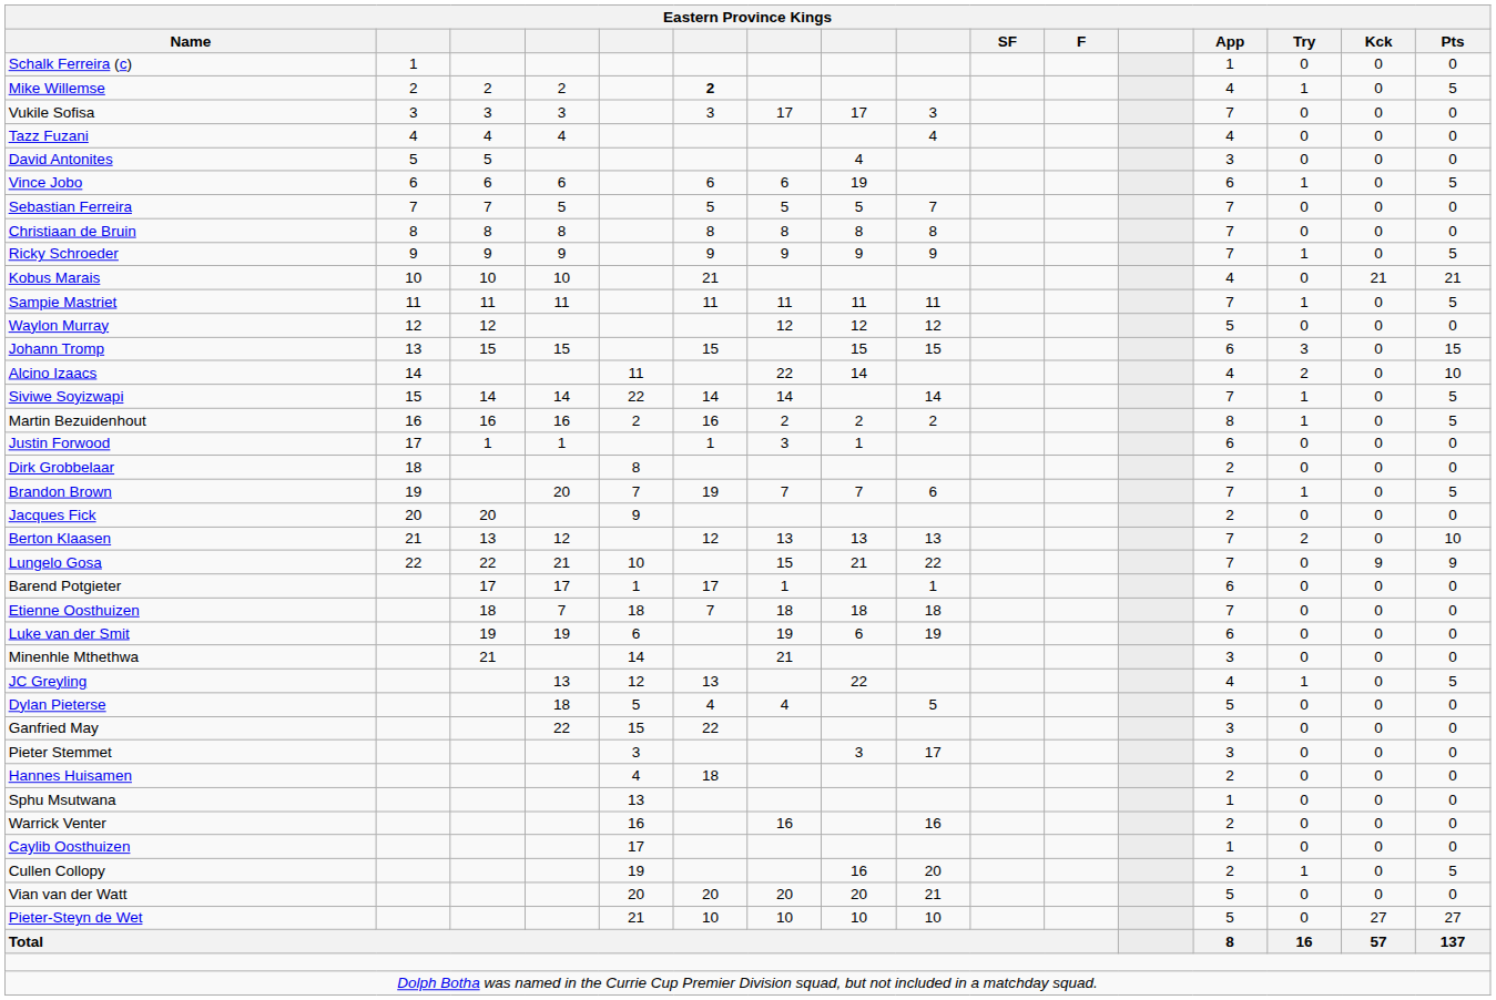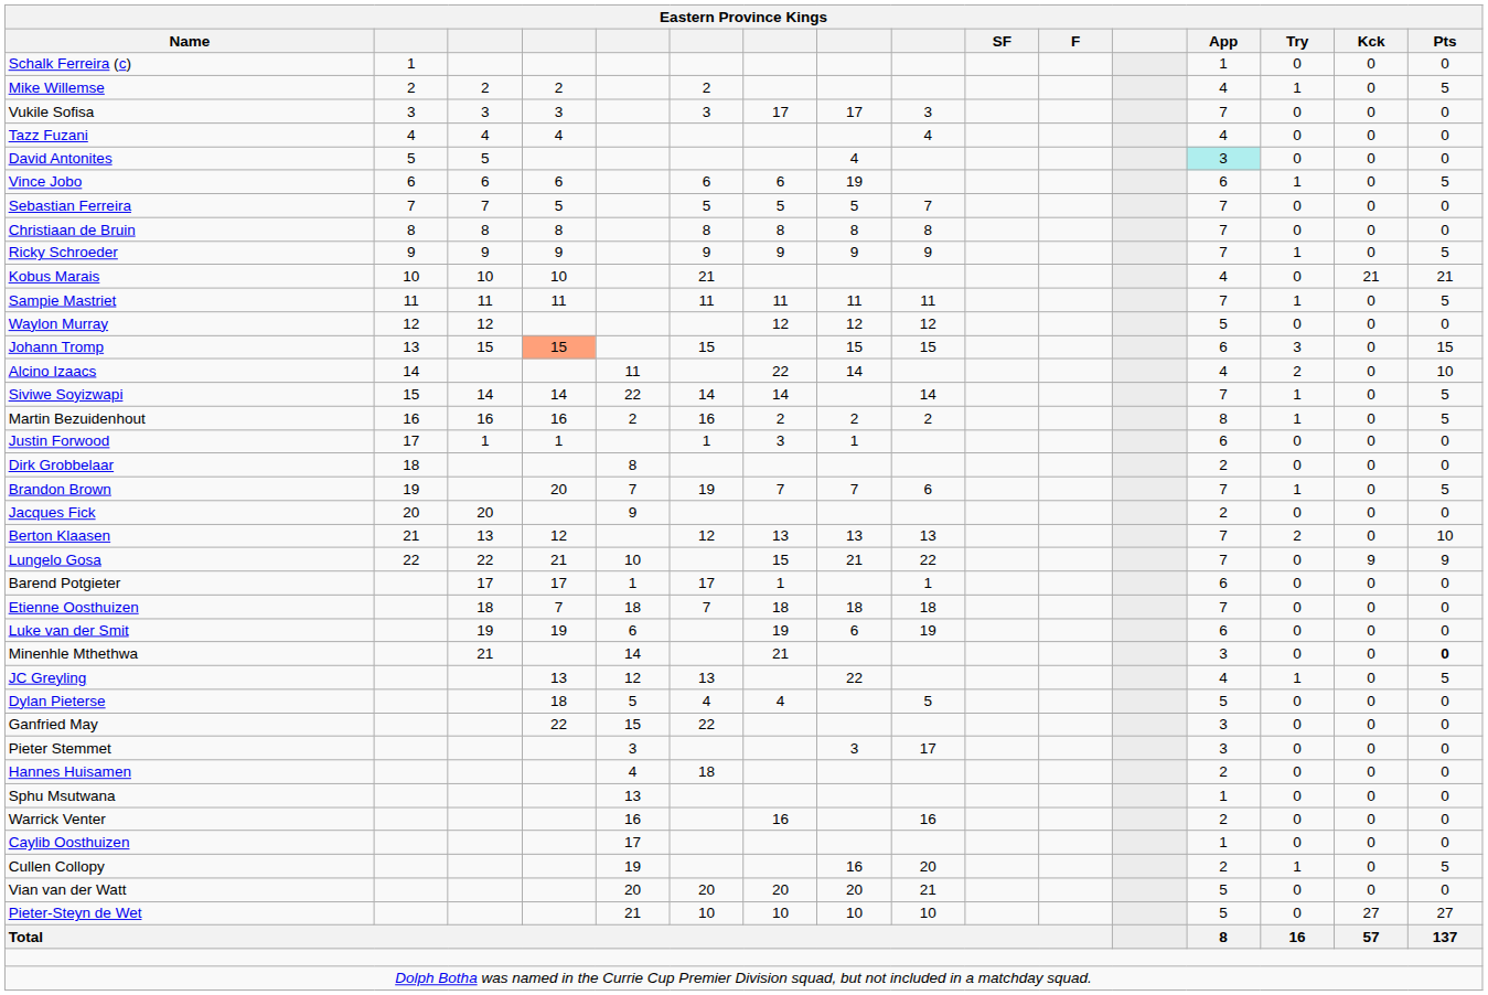 <table class="wikitable collapsible collapsed sortable" style="text-align:center; font-size:90%; width:90%">
 <tr>
 <th colspan="100%">Eastern Province Kings</th>
 </tr>
 <tr>
 <th style="width:25%;">Name</th>
 <th style="width:5%;"></th>
 <th style="width:5%;"></th>
 <th style="width:5%;"></th>
 <th style="width:5%;"></th>
 <th style="width:5%;"></th>
 <th style="width:5%;"></th>
 <th style="width:5%;"></th>
 <th style="width:5%;"></th>
 <th style="width:5%;">SF</th>
 <th style="width:5%;">F</th>
 <th style="width:5%;"></th>
 <th style="width:5%;">App</th>
 <th style="width:5%;">Try</th>
 <th style="width:5%;">Kck</th>
 <th style="width:5%;">Pts</th>
 </tr>
 <tr>
 <td style="text-align:left;"><a href='#'>Schalk Ferreira</a> (<a href='#'>c</a>)</td>
 <td>1</td>
 <td></td>
 <td></td>
 <td></td>
 <td></td>
 <td></td>
 <td></td>
 <td></td>
 <td></td>
 <td></td>
 <td style="background:#ECECEC;"></td>
 <td>1</td>
 <td>0</td>
 <td>0</td>
 <td>0</td>
 </tr>
 <tr>
 <td style="text-align:left;"><a href='#'>Mike Willemse</a></td>
 <td>2</td>
 <td>2</td>
 <td>2</td>
 <td></td>
-<td><strong>2</strong></td>
+<td>2</td>
 <td></td>
 <td></td>
 <td></td>
 <td></td>
 <td></td>
 <td style="background:#ECECEC;"></td>
 <td>4</td>
 <td>1</td>
 <td>0</td>
 <td>5</td>
 </tr>
 <tr>
 <td style="text-align:left;">Vukile Sofisa</td>
 <td>3</td>
 <td>3</td>
 <td>3</td>
 <td></td>
 <td>3</td>
 <td>17 </td>
 <td>17 </td>
 <td>3</td>
 <td></td>
 <td></td>
 <td style="background:#ECECEC;"></td>
 <td>7</td>
 <td>0</td>
 <td>0</td>
 <td>0</td>
 </tr>
 <tr>
 <td style="text-align:left;"><a href='#'>Tazz Fuzani</a></td>
 <td>4</td>
 <td>4</td>
 <td>4</td>
 <td></td>
 <td></td>
 <td></td>
 <td></td>
 <td>4</td>
 <td></td>
 <td></td>
 <td style="background:#ECECEC;"></td>
 <td>4</td>
 <td>0</td>
 <td>0</td>
 <td>0</td>
 </tr>
 <tr>
 <td style="text-align:left;"><a href='#'>David Antonites</a></td>
 <td>5</td>
 <td>5</td>
 <td></td>
 <td></td>
 <td></td>
 <td></td>
 <td>4</td>
 <td></td>
 <td></td>
 <td></td>
 <td style="background:#ECECEC;"></td>
-<td>3</td>
+<td style="background: paleturquoise;">3</td>
 <td>0</td>
 <td>0</td>
 <td>0</td>
 </tr>
 <tr>
 <td style="text-align:left;"><a href='#'>Vince Jobo</a></td>
 <td>6</td>
 <td>6</td>
 <td>6</td>
 <td></td>
 <td>6</td>
 <td>6</td>
 <td>19 </td>
 <td></td>
 <td></td>
 <td></td>
 <td style="background:#ECECEC;"></td>
 <td>6</td>
 <td>1</td>
 <td>0</td>
 <td>5</td>
 </tr>
 <tr>
 <td style="text-align:left;"><a href='#'>Sebastian Ferreira</a></td>
 <td>7</td>
 <td>7</td>
 <td>5</td>
 <td></td>
 <td>5</td>
 <td>5</td>
 <td>5</td>
 <td>7</td>
 <td></td>
 <td></td>
 <td style="background:#ECECEC;"></td>
 <td>7</td>
 <td>0</td>
 <td>0</td>
 <td>0</td>
 </tr>
 <tr>
 <td style="text-align:left;"><a href='#'>Christiaan de Bruin</a></td>
 <td>8</td>
 <td>8</td>
 <td>8</td>
 <td></td>
 <td>8</td>
 <td>8</td>
 <td>8</td>
 <td>8</td>
 <td></td>
 <td></td>
 <td style="background:#ECECEC;"></td>
 <td>7</td>
 <td>0</td>
 <td>0</td>
 <td>0</td>
 </tr>
 <tr>
 <td style="text-align:left;"><a href='#'>Ricky Schroeder</a></td>
 <td>9</td>
 <td>9</td>
 <td>9</td>
 <td></td>
 <td>9</td>
 <td>9</td>
 <td>9</td>
 <td>9</td>
 <td></td>
 <td></td>
 <td style="background:#ECECEC;"></td>
 <td>7</td>
 <td>1</td>
 <td>0</td>
 <td>5</td>
 </tr>
 <tr>
 <td style="text-align:left;"><a href='#'>Kobus Marais</a></td>
 <td>10</td>
 <td>10</td>
 <td>10</td>
 <td></td>
 <td>21 </td>
 <td></td>
 <td></td>
 <td></td>
 <td></td>
 <td></td>
 <td style="background:#ECECEC;"></td>
 <td>4</td>
 <td>0</td>
 <td>21</td>
 <td>21</td>
 </tr>
 <tr>
 <td style="text-align:left;"><a href='#'>Sampie Mastriet</a></td>
 <td>11</td>
 <td>11</td>
 <td>11</td>
 <td></td>
 <td>11</td>
 <td>11</td>
 <td>11</td>
 <td>11</td>
 <td></td>
 <td></td>
 <td style="background:#ECECEC;"></td>
 <td>7</td>
 <td>1</td>
 <td>0</td>
 <td>5</td>
 </tr>
 <tr>
 <td style="text-align:left;"><a href='#'>Waylon Murray</a></td>
 <td>12</td>
 <td>12</td>
 <td></td>
 <td></td>
 <td></td>
 <td>12</td>
 <td>12</td>
 <td>12</td>
 <td></td>
 <td></td>
 <td style="background:#ECECEC;"></td>
 <td>5</td>
 <td>0</td>
 <td>0</td>
 <td>0</td>
 </tr>
 <tr>
 <td style="text-align:left;"><a href='#'>Johann Tromp</a></td>
 <td>13</td>
 <td>15</td>
-<td>15</td>
+<td style="background: lightsalmon;">15</td>
 <td></td>
 <td>15</td>
 <td></td>
 <td>15</td>
 <td>15</td>
 <td></td>
 <td></td>
 <td style="background:#ECECEC;"></td>
 <td>6</td>
 <td>3</td>
 <td>0</td>
 <td>15</td>
 </tr>
 <tr>
 <td style="text-align:left;"><a href='#'>Alcino Izaacs</a></td>
 <td>14</td>
 <td></td>
 <td></td>
 <td>11</td>
 <td></td>
 <td>22 </td>
 <td>14</td>
 <td></td>
 <td></td>
 <td></td>
 <td style="background:#ECECEC;"></td>
 <td>4</td>
 <td>2</td>
 <td>0</td>
 <td>10</td>
 </tr>
 <tr>
 <td style="text-align:left;"><a href='#'>Siviwe Soyizwapi</a></td>
 <td>15</td>
 <td>14</td>
 <td>14</td>
 <td>22 </td>
 <td>14</td>
 <td>14</td>
 <td></td>
 <td>14</td>
 <td></td>
 <td></td>
 <td style="background:#ECECEC;"></td>
 <td>7</td>
 <td>1</td>
 <td>0</td>
 <td>5</td>
 </tr>
 <tr>
 <td style="text-align:left;">Martin Bezuidenhout</td>
 <td>16 </td>
 <td>16 </td>
 <td>16 </td>
 <td>2</td>
 <td>16 </td>
 <td>2</td>
 <td>2</td>
 <td>2</td>
 <td></td>
 <td></td>
 <td style="background:#ECECEC;"></td>
 <td>8</td>
 <td>1</td>
 <td>0</td>
 <td>5</td>
 </tr>
 <tr>
 <td style="text-align:left;"><a href='#'>Justin Forwood</a></td>
 <td>17 </td>
 <td>1</td>
 <td>1</td>
 <td></td>
 <td>1</td>
 <td>3</td>
 <td>1</td>
 <td></td>
 <td></td>
 <td></td>
 <td style="background:#ECECEC;"></td>
 <td>6</td>
 <td>0</td>
 <td>0</td>
 <td>0</td>
 </tr>
 <tr>
 <td style="text-align:left;"><a href='#'>Dirk Grobbelaar</a></td>
 <td>18 </td>
 <td></td>
 <td></td>
 <td>8</td>
 <td></td>
 <td></td>
 <td></td>
 <td></td>
 <td></td>
 <td></td>
 <td style="background:#ECECEC;"></td>
 <td>2</td>
 <td>0</td>
 <td>0</td>
 <td>0</td>
 </tr>
 <tr>
 <td style="text-align:left;"><a href='#'>Brandon Brown</a></td>
 <td>19 </td>
 <td></td>
 <td>20 </td>
 <td>7</td>
 <td>19 </td>
 <td>7</td>
 <td>7</td>
 <td>6</td>
 <td></td>
 <td></td>
 <td style="background:#ECECEC;"></td>
 <td>7</td>
 <td>1</td>
 <td>0</td>
 <td>5</td>
 </tr>
 <tr>
 <td style="text-align:left;"><a href='#'>Jacques Fick</a></td>
 <td>20 </td>
 <td>20</td>
 <td></td>
 <td>9</td>
 <td></td>
 <td></td>
 <td></td>
 <td></td>
 <td></td>
 <td></td>
 <td style="background:#ECECEC;"></td>
 <td>2</td>
 <td>0</td>
 <td>0</td>
 <td>0</td>
 </tr>
 <tr>
 <td style="text-align:left;"><a href='#'>Berton Klaasen</a></td>
 <td>21 </td>
 <td>13</td>
 <td>12</td>
 <td></td>
 <td>12</td>
 <td>13</td>
 <td>13</td>
 <td>13</td>
 <td></td>
 <td></td>
 <td style="background:#ECECEC;"></td>
 <td>7</td>
 <td>2</td>
 <td>0</td>
 <td>10</td>
 </tr>
 <tr>
 <td style="text-align:left;"><a href='#'>Lungelo Gosa</a></td>
 <td>22 </td>
 <td>22 </td>
 <td>21 </td>
 <td>10</td>
 <td></td>
 <td>15</td>
 <td>21 </td>
 <td>22 </td>
 <td></td>
 <td></td>
 <td style="background:#ECECEC;"></td>
 <td>7</td>
 <td>0</td>
 <td>9</td>
 <td>9</td>
 </tr>
 <tr>
 <td style="text-align:left;">Barend Potgieter</td>
 <td></td>
 <td>17 </td>
 <td>17 </td>
 <td>1</td>
 <td>17 </td>
 <td>1</td>
 <td></td>
 <td>1</td>
 <td></td>
 <td></td>
 <td style="background:#ECECEC;"></td>
 <td>6</td>
 <td>0</td>
 <td>0</td>
 <td>0</td>
 </tr>
 <tr>
 <td style="text-align:left;"><a href='#'>Etienne Oosthuizen</a></td>
 <td></td>
 <td>18 </td>
 <td>7</td>
 <td>18 </td>
 <td>7</td>
 <td>18 </td>
 <td>18 </td>
 <td>18 </td>
 <td></td>
 <td></td>
 <td style="background:#ECECEC;"></td>
 <td>7</td>
 <td>0</td>
 <td>0</td>
 <td>0</td>
 </tr>
 <tr>
 <td style="text-align:left;"><a href='#'>Luke van der Smit</a></td>
 <td></td>
 <td>19 </td>
 <td>19 </td>
 <td>6</td>
 <td></td>
 <td>19 </td>
 <td>6</td>
 <td>19 </td>
 <td></td>
 <td></td>
 <td style="background:#ECECEC;"></td>
 <td>6</td>
 <td>0</td>
 <td>0</td>
 <td>0</td>
 </tr>
 <tr>
 <td style="text-align:left;">Minenhle Mthethwa</td>
 <td></td>
 <td>21 </td>
 <td></td>
 <td>14</td>
 <td></td>
 <td>21 </td>
 <td></td>
 <td></td>
 <td></td>
 <td></td>
 <td style="background:#ECECEC;"></td>
 <td>3</td>
 <td>0</td>
 <td>0</td>
-<td>0</td>
+<td><strong>0</strong></td>
 </tr>
 <tr>
 <td style="text-align:left;"><a href='#'>JC Greyling</a></td>
 <td></td>
 <td></td>
 <td>13</td>
 <td>12</td>
 <td>13</td>
 <td></td>
 <td>22 </td>
 <td></td>
 <td></td>
 <td></td>
 <td style="background:#ECECEC;"></td>
 <td>4</td>
 <td>1</td>
 <td>0</td>
 <td>5</td>
 </tr>
 <tr>
 <td style="text-align:left;"><a href='#'>Dylan Pieterse</a></td>
 <td></td>
 <td></td>
 <td>18 </td>
 <td>5</td>
 <td>4</td>
 <td>4</td>
 <td></td>
 <td>5</td>
 <td></td>
 <td></td>
 <td style="background:#ECECEC;"></td>
 <td>5</td>
 <td>0</td>
 <td>0</td>
 <td>0</td>
 </tr>
 <tr>
 <td style="text-align:left;">Ganfried May</td>
 <td></td>
 <td></td>
 <td>22 </td>
 <td>15</td>
 <td>22 </td>
 <td></td>
 <td></td>
 <td></td>
 <td></td>
 <td></td>
 <td style="background:#ECECEC;"></td>
 <td>3</td>
 <td>0</td>
 <td>0</td>
 <td>0</td>
 </tr>
 <tr>
 <td style="text-align:left;">Pieter Stemmet</td>
 <td></td>
 <td></td>
 <td></td>
 <td>3</td>
 <td></td>
 <td></td>
 <td>3</td>
 <td>17 </td>
 <td></td>
 <td></td>
 <td style="background:#ECECEC;"></td>
 <td>3</td>
 <td>0</td>
 <td>0</td>
 <td>0</td>
 </tr>
 <tr>
 <td style="text-align:left;"><a href='#'>Hannes Huisamen</a></td>
 <td></td>
 <td></td>
 <td></td>
 <td>4</td>
 <td>18 </td>
 <td></td>
 <td></td>
 <td></td>
 <td></td>
 <td></td>
 <td style="background:#ECECEC;"></td>
 <td>2</td>
 <td>0</td>
 <td>0</td>
 <td>0</td>
 </tr>
 <tr>
 <td style="text-align:left;">Sphu Msutwana</td>
 <td></td>
 <td></td>
 <td></td>
 <td>13</td>
 <td></td>
 <td></td>
 <td></td>
 <td></td>
 <td></td>
 <td></td>
 <td style="background:#ECECEC;"></td>
 <td>1</td>
 <td>0</td>
 <td>0</td>
 <td>0</td>
 </tr>
 <tr>
 <td style="text-align:left;">Warrick Venter</td>
 <td></td>
 <td></td>
 <td></td>
 <td>16 </td>
 <td></td>
 <td>16 </td>
 <td></td>
 <td>16</td>
 <td></td>
 <td></td>
 <td style="background:#ECECEC;"></td>
 <td>2</td>
 <td>0</td>
 <td>0</td>
 <td>0</td>
 </tr>
 <tr>
 <td style="text-align:left;"><a href='#'>Caylib Oosthuizen</a></td>
 <td></td>
 <td></td>
 <td></td>
 <td>17 </td>
 <td></td>
 <td></td>
 <td></td>
 <td></td>
 <td></td>
 <td></td>
 <td style="background:#ECECEC;"></td>
 <td>1</td>
 <td>0</td>
 <td>0</td>
 <td>0</td>
 </tr>
 <tr>
 <td style="text-align:left;">Cullen Collopy</td>
 <td></td>
 <td></td>
 <td></td>
 <td>19 </td>
 <td></td>
 <td></td>
 <td>16 </td>
 <td>20</td>
 <td></td>
 <td></td>
 <td style="background:#ECECEC;"></td>
 <td>2</td>
 <td>1</td>
 <td>0</td>
 <td>5</td>
 </tr>
 <tr>
 <td style="text-align:left;">Vian van der Watt</td>
 <td></td>
 <td></td>
 <td></td>
 <td>20 </td>
 <td>20 </td>
 <td>20 </td>
 <td>20 </td>
 <td>21 </td>
 <td></td>
 <td></td>
 <td style="background:#ECECEC;"></td>
 <td>5</td>
 <td>0</td>
 <td>0</td>
 <td>0</td>
 </tr>
 <tr>
 <td style="text-align:left;"><a href='#'>Pieter-Steyn de Wet</a></td>
 <td></td>
 <td></td>
 <td></td>
 <td>21 </td>
 <td>10</td>
 <td>10</td>
 <td>10</td>
 <td>10</td>
 <td></td>
 <td></td>
 <td style="background:#ECECEC;"></td>
 <td>5</td>
 <td>0</td>
 <td>27</td>
 <td>27</td>
 </tr>
 <tr>
 <th colspan="11" style="text-align:left;">Total</th>
 <th style="background:#ECECEC;"></th>
 <th>8</th>
 <th>16</th>
 <th>57</th>
 <th>137</th>
 </tr>
 <tr>
 <td colspan="100%" style="height: 10px;"></td>
 </tr>
 <tr>
 <td colspan="100%" style="text-align:center;"><em><a href='#'>Dolph Botha</a> was named in the Currie Cup Premier Division squad, but not included in a matchday squad.</em></td>
 </tr>
 </table>
